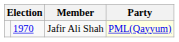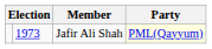 <table class="wikitable">
 <tr>
 <th colspan="2">Election</th>
 <th>Member</th>
 <th>Party</th>
 </tr>
 <tr>
 <td style="background-color: "></td>
-<td><a href='#'>1970</a></td>
+<td><a href='#'>1973</a></td>
 <td>Jafir Ali Shah</td>
 <td style="background: lightyellow;"><a href='#'>PML(Qayyum)</a></td>
 </tr>
 </table>
